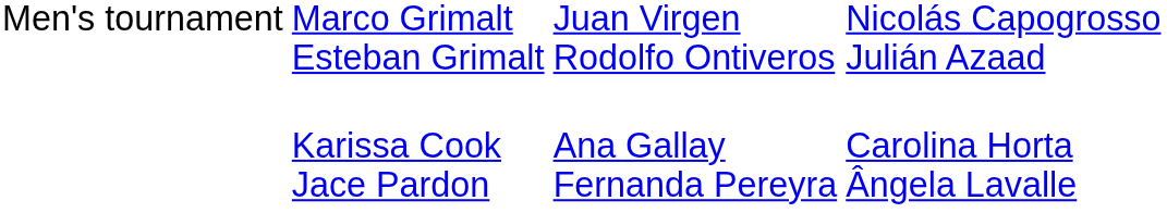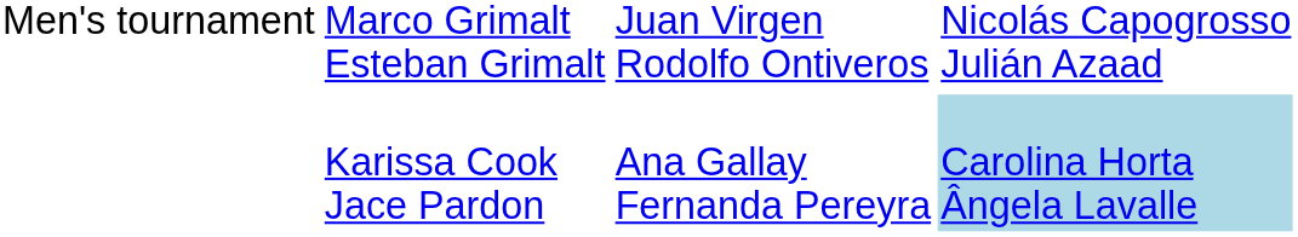 <table>
 <tr>
 <td>Men's tournament <br></td>
 <td><br> <a href='#'>Marco Grimalt</a> <br> <a href='#'>Esteban Grimalt</a></td>
 <td><br> <a href='#'>Juan Virgen</a> <br> <a href='#'>Rodolfo Ontiveros</a></td>
 <td><br> <a href='#'>Nicolás Capogrosso</a> <br> <a href='#'>Julián Azaad</a></td>
 </tr>
 <tr>
 <td><br></td>
 <td><br> <a href='#'>Karissa Cook</a> <br> <a href='#'>Jace Pardon</a></td>
 <td><br> <a href='#'>Ana Gallay</a> <br> <a href='#'>Fernanda Pereyra</a></td>
-<td><br> <a href='#'>Carolina Horta</a>  <br> <a href='#'>Ângela Lavalle</a></td>
+<td style="background: lightblue;"><br> <a href='#'>Carolina Horta</a>  <br> <a href='#'>Ângela Lavalle</a></td>
 </tr>
 </table>
